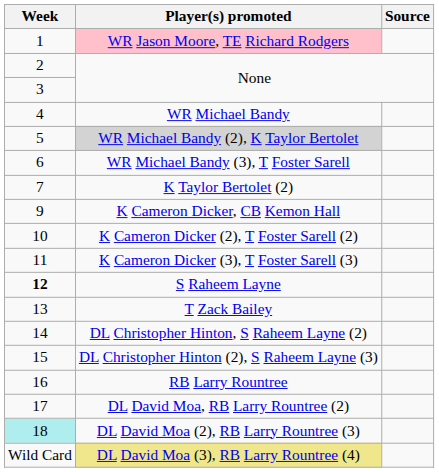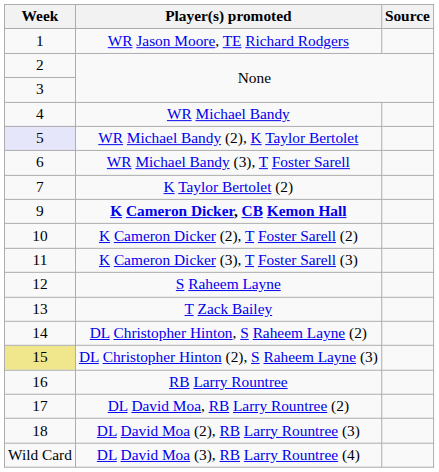 <table class="wikitable" style="text-align:center">
 <tr>
 <th>Week</th>
 <th>Player(s) promoted</th>
 <th>Source</th>
 </tr>
 <tr>
 <td>1</td>
-<td style="background: pink;"><a href='#'>WR</a> <a href='#'>Jason Moore</a>, <a href='#'>TE</a> <a href='#'>Richard Rodgers</a></td>
+<td><a href='#'>WR</a> <a href='#'>Jason Moore</a>, <a href='#'>TE</a> <a href='#'>Richard Rodgers</a></td>
 <td></td>
 </tr>
 <tr>
 <td>2</td>
 <td rowspan="2" colspan="2">None</td>
 </tr>
 <tr>
 <td>3</td>
 </tr>
 <tr>
 <td>4</td>
 <td><a href='#'>WR</a> <a href='#'>Michael Bandy</a></td>
 <td></td>
 </tr>
 <tr>
-<td>5</td>
-<td style="background: lightgrey;"><a href='#'>WR</a> <a href='#'>Michael Bandy</a> (2), <a href='#'>K</a> <a href='#'>Taylor Bertolet</a></td>
+<td style="background: lavender;">5</td>
+<td><a href='#'>WR</a> <a href='#'>Michael Bandy</a> (2), <a href='#'>K</a> <a href='#'>Taylor Bertolet</a></td>
 <td></td>
 </tr>
 <tr>
 <td>6</td>
 <td><a href='#'>WR</a> <a href='#'>Michael Bandy</a> (3), <a href='#'>T</a> <a href='#'>Foster Sarell</a></td>
 <td></td>
 </tr>
 <tr>
 <td>7</td>
 <td><a href='#'>K</a> <a href='#'>Taylor Bertolet</a> (2)</td>
 <td></td>
 </tr>
 <tr>
 <td>9</td>
-<td><a href='#'>K</a> <a href='#'>Cameron Dicker</a>, <a href='#'>CB</a> <a href='#'>Kemon Hall</a></td>
+<td><strong><a href='#'>K</a> <a href='#'>Cameron Dicker</a>, <a href='#'>CB</a> <a href='#'>Kemon Hall</a></strong></td>
 <td></td>
 </tr>
 <tr>
 <td>10</td>
 <td><a href='#'>K</a> <a href='#'>Cameron Dicker</a> (2), <a href='#'>T</a> <a href='#'>Foster Sarell</a> (2)</td>
 <td></td>
 </tr>
 <tr>
 <td>11</td>
 <td><a href='#'>K</a> <a href='#'>Cameron Dicker</a> (3), <a href='#'>T</a> <a href='#'>Foster Sarell</a> (3)</td>
 <td></td>
 </tr>
 <tr>
-<td><strong>12</strong></td>
+<td>12</td>
 <td><a href='#'>S</a> <a href='#'>Raheem Layne</a></td>
 <td></td>
 </tr>
 <tr>
 <td>13</td>
 <td><a href='#'>T</a> <a href='#'>Zack Bailey</a></td>
 <td></td>
 </tr>
 <tr>
 <td>14</td>
 <td><a href='#'>DL</a> <a href='#'>Christopher Hinton</a>, <a href='#'>S</a> <a href='#'>Raheem Layne</a> (2)</td>
 <td></td>
 </tr>
 <tr>
-<td>15</td>
+<td style="background: khaki;">15</td>
 <td><a href='#'>DL</a> <a href='#'>Christopher Hinton</a> (2), <a href='#'>S</a> <a href='#'>Raheem Layne</a> (3)</td>
 <td></td>
 </tr>
 <tr>
 <td>16</td>
 <td><a href='#'>RB</a> <a href='#'>Larry Rountree</a></td>
 <td></td>
 </tr>
 <tr>
 <td>17</td>
 <td><a href='#'>DL</a> <a href='#'>David Moa</a>, <a href='#'>RB</a> <a href='#'>Larry Rountree</a> (2)</td>
 <td></td>
 </tr>
 <tr>
-<td style="background: paleturquoise;">18</td>
+<td>18</td>
 <td><a href='#'>DL</a> <a href='#'>David Moa</a> (2), <a href='#'>RB</a> <a href='#'>Larry Rountree</a> (3)</td>
 <td></td>
 </tr>
 <tr>
 <td>Wild Card</td>
-<td style="background: khaki;"><a href='#'>DL</a> <a href='#'>David Moa</a> (3), <a href='#'>RB</a> <a href='#'>Larry Rountree</a> (4)</td>
+<td><a href='#'>DL</a> <a href='#'>David Moa</a> (3), <a href='#'>RB</a> <a href='#'>Larry Rountree</a> (4)</td>
 <td></td>
 </tr>
 </table>
